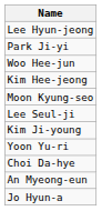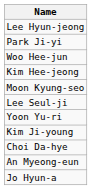 <table class="wikitable sortable" style="text-align: left">
 <tr>
 <th style="text-align:center;">Name</th>
 </tr>
 <tr>
 <td>Lee Hyun-jeong</td>
 </tr>
 <tr>
 <td>Park Ji-yi</td>
 </tr>
 <tr>
 <td>Woo Hee-jun</td>
 </tr>
 <tr>
 <td>Kim Hee-jeong</td>
 </tr>
 <tr>
 <td>Moon Kyung-seo</td>
 </tr>
 <tr>
 <td>Lee Seul-ji</td>
 </tr>
 <tr>
-<td>Kim Ji-young</td>
+<td>Yoon Yu-ri</td>
 </tr>
 <tr>
-<td>Yoon Yu-ri</td>
+<td>Kim Ji-young</td>
 </tr>
 <tr>
 <td>Choi Da-hye</td>
 </tr>
 <tr>
 <td>An Myeong-eun</td>
 </tr>
 <tr>
 <td>Jo Hyun-a</td>
 </tr>
 </table>
